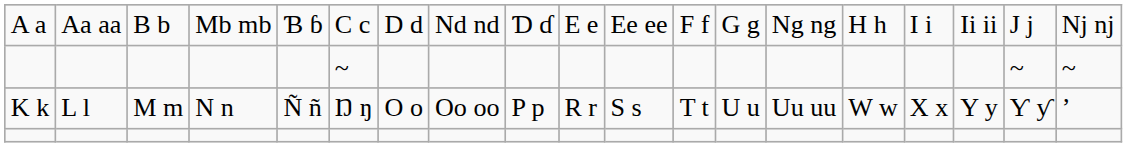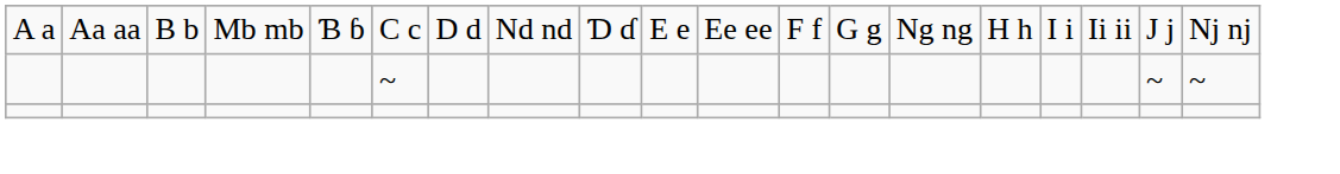 <table class="wikitable">
 <tr>
 <td>A a</td>
 <td>Aa aa</td>
 <td>B b</td>
 <td>Mb mb</td>
 <td>Ɓ ɓ</td>
 <td>C c</td>
 <td>D d</td>
 <td>Nd nd</td>
 <td>Ɗ ɗ</td>
 <td>E e</td>
 <td>Ee ee</td>
 <td>F f</td>
 <td>G g</td>
 <td>Ng ng</td>
 <td>H h</td>
 <td>I i</td>
 <td>Ii ii</td>
 <td>J j</td>
 <td>Nj nj</td>
 </tr>
 <tr>
 <td></td>
 <td></td>
 <td></td>
 <td></td>
 <td></td>
 <td>‍~‍</td>
 <td></td>
 <td></td>
 <td></td>
 <td></td>
 <td></td>
 <td></td>
 <td></td>
 <td></td>
 <td></td>
 <td></td>
 <td></td>
 <td>~‍</td>
 <td>~</td>
 </tr>
 <tr>
-<td>K k</td>
-<td>L l</td>
-<td>M m</td>
-<td>N n</td>
-<td>Ñ ñ</td>
-<td>Ŋ ŋ</td>
-<td>O o</td>
-<td>Oo oo</td>
-<td>P p</td>
-<td>R r</td>
-<td>S s</td>
-<td>T t</td>
-<td>U u</td>
-<td>Uu uu</td>
-<td>W w</td>
-<td>X x</td>
-<td>Y y</td>
-<td>Ƴ ƴ</td>
-<td>’</td>
-</tr>
-<tr>
 <td></td>
 <td></td>
 <td></td>
 <td></td>
 <td></td>
 <td></td>
 <td></td>
 <td></td>
 <td></td>
 <td></td>
 <td></td>
 <td></td>
 <td></td>
 <td></td>
 <td></td>
 <td></td>
 <td></td>
 <td></td>
 <td></td>
 </tr>
 </table>
